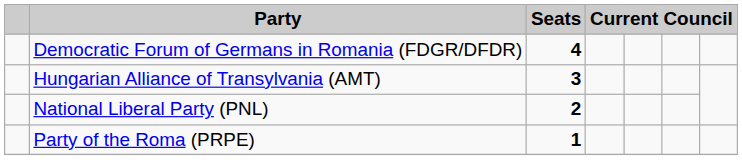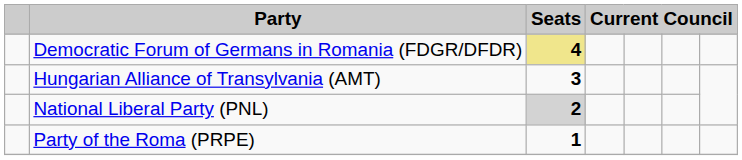 <table class="wikitable">
 <tr>
 <th style="background:#ccc">   </th>
 <th style="background:#ccc">Party</th>
 <th style="background:#ccc">Seats</th>
 <th style="background:#ccc" colspan="4">Current Council</th>
 </tr>
 <tr>
 <td>  </td>
 <td><a href='#'>Democratic Forum of Germans in Romania</a> (FDGR/DFDR)</td>
-<td style="text-align: right"><strong>4</strong></td>
+<td style="background: khaki; text-align: right"><strong>4</strong></td>
 <td>  </td>
 <td>  </td>
 <td>  </td>
 <td>  </td>
 </tr>
 <tr>
 <td>  </td>
 <td><a href='#'>Hungarian Alliance of Transylvania</a> (AMT)</td>
 <td style="text-align: right"><strong>3</strong></td>
 <td></td>
 <td></td>
 <td></td>
 </tr>
 <tr>
 <td>  </td>
 <td><a href='#'>National Liberal Party</a> (PNL)</td>
-<td style="text-align: right"><strong>2</strong></td>
+<td style="background: lightgrey; text-align: right"><strong>2</strong></td>
 <td>  </td>
 <td>  </td>
 <td> </td>
 </tr>
 <tr>
 <td>  </td>
 <td><a href='#'>Party of the Roma</a> (PRPE)</td>
 <td style="text-align: right"><strong>1</strong></td>
 <td>  </td>
 <td> </td>
 <td> </td>
 <td> </td>
 </tr>
 <tr>
 </tr>
 </table>
